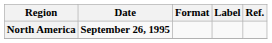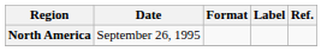 <table class="wikitable plainrowheaders">
 <tr>
 <th scope="col">Region</th>
 <th scope="col">Date</th>
 <th scope="col">Format</th>
 <th scope="col">Label</th>
 <th scope="col">Ref.</th>
 </tr>
 <tr>
 <th scope="row">North America</th>
-<td><strong>September 26, 1995</strong></td>
+<td>September 26, 1995</td>
 <td></td>
 <td></td>
 <td></td>
 </tr>
 <tr>
 </tr>
 </table>
